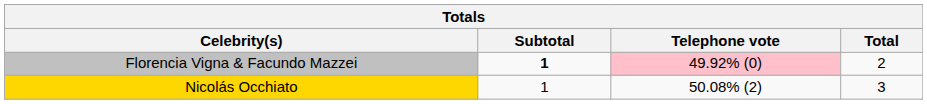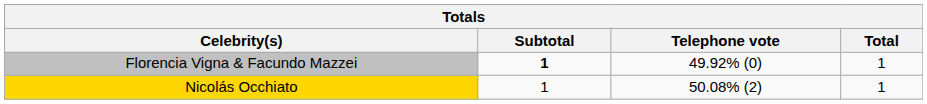 <table class="wikitable collapsible collapsed" style="font-size:90%; text-align: center; width: 100%;">
 <tr>
 <th colspan="11" style="with: 95%;" align=center>Totals</th>
 </tr>
 <tr>
 <th>Celebrity(s)</th>
 <th>Subtotal</th>
 <th>Telephone vote</th>
 <th>Total</th>
 </tr>
 <tr>
 <td bgcolor="silver">Florencia Vigna & Facundo Mazzei</td>
 <td><strong>1</strong></td>
-<td style="background: pink;">49.92% (0)</td>
-<td>2</td>
+<td>49.92% (0)</td>
+<td>1</td>
 </tr>
 <tr>
 <td bgcolor="gold">Nicolás Occhiato</td>
 <td>1</td>
 <td>50.08% (2)</td>
-<td>3</td>
+<td>1</td>
 </tr>
 </table>
